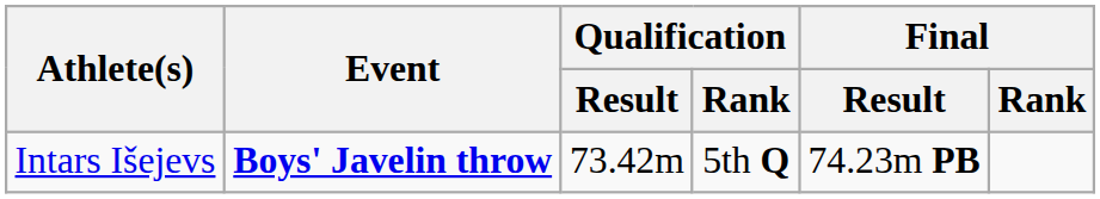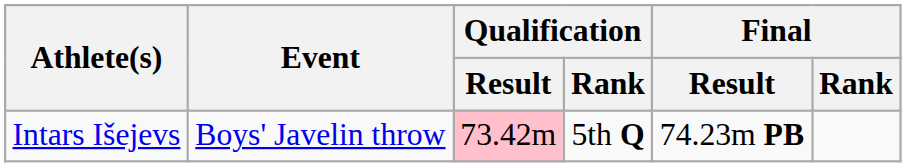 <table class="wikitable" border="1" style="font-size:90%">
 <tr>
 <th rowspan="2">Athlete(s)</th>
 <th rowspan="2">Event</th>
 <th colspan="2">Qualification</th>
 <th colspan="2">Final</th>
 </tr>
 <tr>
 <th>Result</th>
 <th>Rank</th>
 <th>Result</th>
 <th>Rank</th>
 </tr>
 <tr>
 <td><a href='#'>Intars Išejevs</a></td>
-<td><strong><a href='#'>Boys' Javelin throw</a></strong></td>
-<td align="center">73.42m</td>
+<td><a href='#'>Boys' Javelin throw</a></td>
+<td align="center" style="background: pink;">73.42m</td>
 <td align="center">5th <strong>Q</strong></td>
 <td align="center">74.23m <strong>PB</strong></td>
 <td align="center"></td>
 </tr>
 </table>
